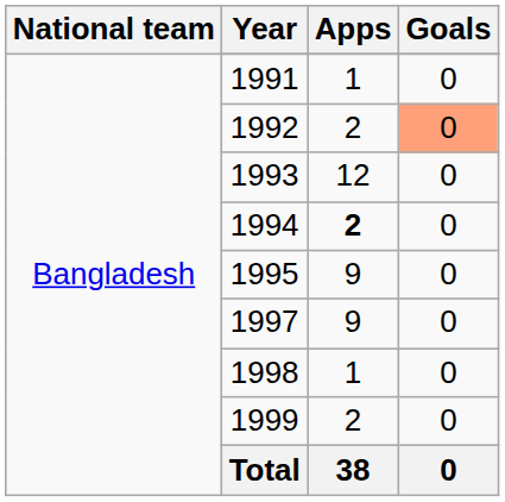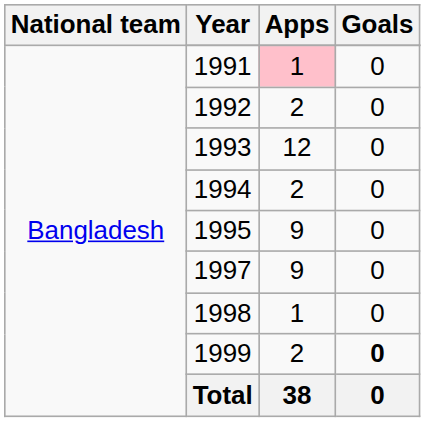 <table class="wikitable" style="text-align: center;">
 <tr>
 <th>National team</th>
 <th>Year</th>
 <th>Apps</th>
 <th>Goals</th>
 </tr>
 <tr>
 <td rowspan="10"><a href='#'>Bangladesh</a></td>
 </tr>
 <tr>
 <td>1991</td>
-<td>1</td>
+<td style="background: pink;">1</td>
 <td>0</td>
 </tr>
 <tr>
 <td>1992</td>
 <td>2</td>
-<td style="background: lightsalmon;">0</td>
+<td>0</td>
 </tr>
 <tr>
 <td>1993</td>
 <td>12</td>
 <td>0</td>
 </tr>
 <tr>
 <td>1994</td>
-<td><strong>2</strong></td>
+<td>2</td>
 <td>0</td>
 </tr>
 <tr>
 <td>1995</td>
 <td>9</td>
 <td>0</td>
 </tr>
 <tr>
 <td>1997</td>
 <td>9</td>
 <td>0</td>
 </tr>
 <tr>
 <td>1998</td>
 <td>1</td>
 <td>0</td>
 </tr>
 <tr>
 <td>1999</td>
 <td>2</td>
-<td>0</td>
+<td><strong>0</strong></td>
 </tr>
 <tr>
 <th>Total</th>
 <th>38</th>
 <th>0</th>
 </tr>
 </table>
